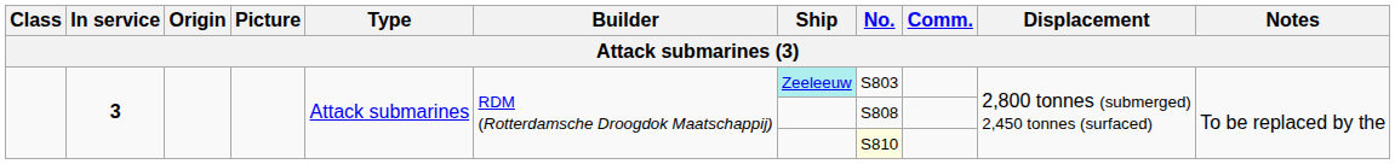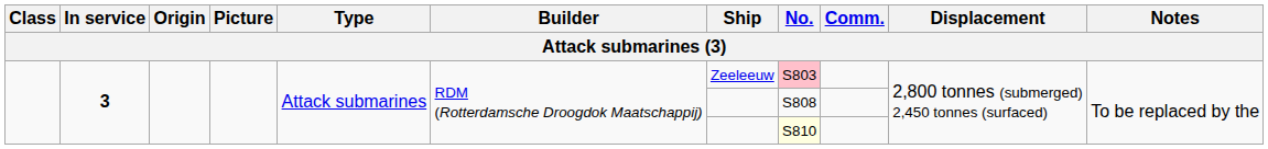 <table class="wikitable">
 <tr>
 <th>Class</th>
 <th>In service</th>
 <th>Origin</th>
 <th>Picture</th>
 <th>Type</th>
 <th>Builder</th>
 <th>Ship</th>
 <th><a href='#'>No.</a></th>
 <th><a href='#'>Comm.</a></th>
 <th>Displacement</th>
 <th>Notes</th>
 </tr>
 <tr>
 <th colspan="11">Attack submarines (3)</th>
 </tr>
 <tr>
 <td rowspan="3"><strong></strong></td>
 <td rowspan="3" style="text-align: center;"><strong>3</strong></td>
 <td rowspan="3"></td>
 <td rowspan="3"></td>
 <td rowspan="3"><a href='#'>Attack submarines</a></td>
 <td rowspan="3"><a href='#'><small>RDM</small></a><br><small>(<em>Rotterdamsche Droogdok Maatschappij)</em></small></td>
-<td style="background: paleturquoise;"><a href='#'><small>Zeeleeuw</small></a></td>
-<td><small>S803</small></td>
+<td><a href='#'><small>Zeeleeuw</small></a></td>
+<td style="background: pink;"><small>S803</small></td>
 <td><small></small></td>
 <td rowspan="3">2,800 tonnes <small>(submerged)</small><br><small>2,450 tonnes (surfaced)</small></td>
 <td rowspan="3"><br>To be replaced by the </td>
 </tr>
 <tr>
 <td><small></small></td>
 <td><small>S808</small></td>
 <td><small></small></td>
 </tr>
 <tr>
 <td><small></small></td>
 <td style="background: lightyellow;"><small>S810</small></td>
 <td><small></small></td>
 </tr>
 </table>
